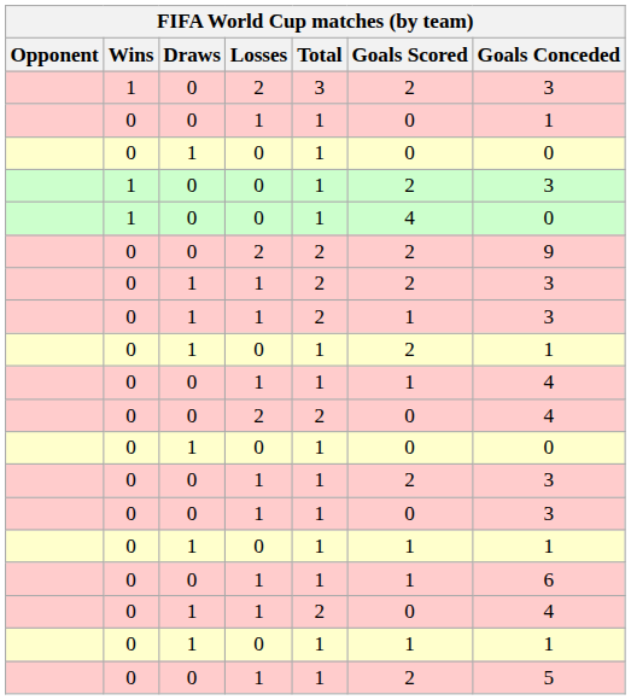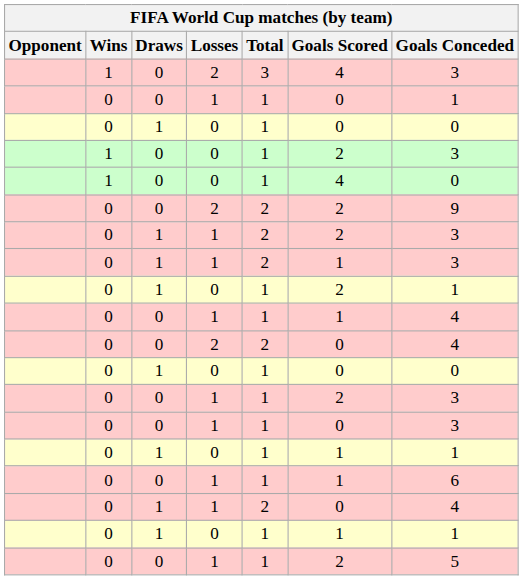 <table class="wikitable sortable" style="text-align: center;">
 <tr>
 <th colspan=7>FIFA World Cup matches (by team)</th>
 </tr>
 <tr>
 <th>Opponent</th>
 <th>Wins</th>
 <th>Draws</th>
 <th>Losses</th>
 <th>Total</th>
 <th>Goals Scored</th>
 <th>Goals Conceded</th>
 </tr>
 <tr bgcolor=#FFCCCC>
 <td align="left"></td>
 <td>1</td>
 <td>0</td>
 <td>2</td>
 <td>3</td>
-<td>2</td>
+<td>4</td>
 <td>3</td>
 </tr>
 <tr bgcolor=#FFCCCC>
 <td align="left"></td>
 <td>0</td>
 <td>0</td>
 <td>1</td>
 <td>1</td>
 <td>0</td>
 <td>1</td>
 </tr>
 <tr bgcolor=#FFFFCC>
 <td align="left"></td>
 <td>0</td>
 <td>1</td>
 <td>0</td>
 <td>1</td>
 <td>0</td>
 <td>0</td>
 </tr>
 <tr bgcolor=#CCFFCC>
 <td align="left"></td>
 <td>1</td>
 <td>0</td>
 <td>0</td>
 <td>1</td>
 <td>2</td>
 <td>3</td>
 </tr>
 <tr bgcolor=#CCFFCC>
 <td align="left"></td>
 <td>1</td>
 <td>0</td>
 <td>0</td>
 <td>1</td>
 <td>4</td>
 <td>0</td>
 </tr>
 <tr bgcolor=#FFCCCC>
 <td align="left"></td>
 <td>0</td>
 <td>0</td>
 <td>2</td>
 <td>2</td>
 <td>2</td>
 <td>9</td>
 </tr>
 <tr bgcolor=#FFCCCC>
 <td align="left"></td>
 <td>0</td>
 <td>1</td>
 <td>1</td>
 <td>2</td>
 <td>2</td>
 <td>3</td>
 </tr>
 <tr bgcolor=#FFCCCC>
 <td align="left"></td>
 <td>0</td>
 <td>1</td>
 <td>1</td>
 <td>2</td>
 <td>1</td>
 <td>3</td>
 </tr>
 <tr bgcolor=#FFFFCC>
 <td align="left"></td>
 <td>0</td>
 <td>1</td>
 <td>0</td>
 <td>1</td>
 <td>2</td>
 <td>1</td>
 </tr>
 <tr bgcolor=#FFCCCC>
 <td align="left"></td>
 <td>0</td>
 <td>0</td>
 <td>1</td>
 <td>1</td>
 <td>1</td>
 <td>4</td>
 </tr>
 <tr bgcolor=#FFCCCC>
 <td align="left"></td>
 <td>0</td>
 <td>0</td>
 <td>2</td>
 <td>2</td>
 <td>0</td>
 <td>4</td>
 </tr>
 <tr bgcolor=#FFFFCC>
 <td align="left"></td>
 <td>0</td>
 <td>1</td>
 <td>0</td>
 <td>1</td>
 <td>0</td>
 <td>0</td>
 </tr>
 <tr bgcolor=#FFCCCC>
 <td align="left"></td>
 <td>0</td>
 <td>0</td>
 <td>1</td>
 <td>1</td>
 <td>2</td>
 <td>3</td>
 </tr>
 <tr bgcolor=#FFCCCC>
 <td align="left"></td>
 <td>0</td>
 <td>0</td>
 <td>1</td>
 <td>1</td>
 <td>0</td>
 <td>3</td>
 </tr>
 <tr bgcolor=#FFFFCC>
 <td align="left"></td>
 <td>0</td>
 <td>1</td>
 <td>0</td>
 <td>1</td>
 <td>1</td>
 <td>1</td>
 </tr>
 <tr bgcolor=#FFCCCC>
 <td align="left"></td>
 <td>0</td>
 <td>0</td>
 <td>1</td>
 <td>1</td>
 <td>1</td>
 <td>6</td>
 </tr>
 <tr bgcolor=#FFCCCC>
 <td align="left"></td>
 <td>0</td>
 <td>1</td>
 <td>1</td>
 <td>2</td>
 <td>0</td>
 <td>4</td>
 </tr>
 <tr bgcolor=#FFFFCC>
 <td align="left"></td>
 <td>0</td>
 <td>1</td>
 <td>0</td>
 <td>1</td>
 <td>1</td>
 <td>1</td>
 </tr>
 <tr bgcolor=#FFCCCC>
 <td align="left"></td>
 <td>0</td>
 <td>0</td>
 <td>1</td>
 <td>1</td>
 <td>2</td>
 <td>5</td>
 </tr>
 </table>
